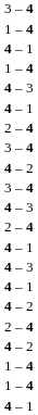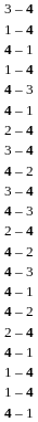 <table style="text-align:center">
 <tr>
 <th width=223></th>
 <th width=100></th>
 <th width=223></th>
 </tr>
 <tr>
 <td align=right></td>
 <td>3 – <strong>4</strong></td>
 <td align=left></td>
 </tr>
 <tr>
 <td align=right></td>
 <td>1 – <strong>4</strong></td>
 <td align=left></td>
 </tr>
 <tr>
 <td align=right></td>
 <td><strong>4</strong> – 1</td>
 <td align=left></td>
 </tr>
 <tr>
 <td align=right></td>
 <td>1 – <strong>4</strong></td>
 <td align=left></td>
 </tr>
 <tr>
 <td align=right></td>
 <td><strong>4</strong> – 3</td>
 <td align=left></td>
 </tr>
 <tr>
 <td align=right></td>
 <td><strong>4</strong> – 1</td>
 <td align=left></td>
 </tr>
 <tr>
 <td align=right></td>
 <td>2 – <strong>4</strong></td>
 <td align=left></td>
 </tr>
 <tr>
 <td align=right></td>
 <td>3 – <strong>4</strong></td>
 <td align=left></td>
 </tr>
 <tr>
 <td align=right></td>
 <td><strong>4</strong> – 2</td>
 <td align=left></td>
 </tr>
 <tr>
 <td align=right></td>
 <td>3 – <strong>4</strong></td>
 <td align=left></td>
 </tr>
 <tr>
 <td align=right></td>
 <td><strong>4</strong> – 3</td>
 <td align=left></td>
 </tr>
 <tr>
 <td align=right></td>
 <td>2 – <strong>4</strong></td>
 <td align=left></td>
 </tr>
 <tr>
 <td align=right></td>
-<td><strong>4</strong> – 1</td>
+<td><strong>4</strong> – 2</td>
 <td align=left></td>
 </tr>
 <tr>
 <td align=right></td>
 <td><strong>4</strong> – 3</td>
 <td align=left></td>
 </tr>
 <tr>
 <td align=right></td>
 <td><strong>4</strong> – 1</td>
 <td align=left></td>
 </tr>
 <tr>
 <td align=right></td>
 <td><strong>4</strong> – 2</td>
 <td align=left></td>
 </tr>
 <tr>
 <td align=right></td>
 <td>2 – <strong>4</strong></td>
 <td align=left></td>
 </tr>
 <tr>
 <td align=right></td>
-<td><strong>4</strong> – 2</td>
+<td><strong>4</strong> – 1</td>
 <td align=left></td>
 </tr>
 <tr>
 <td align=right></td>
 <td>1 – <strong>4</strong></td>
 <td align=left></td>
 </tr>
 <tr>
 <td align=right></td>
 <td>1 – <strong>4</strong></td>
 <td align=left></td>
 </tr>
 <tr>
 <td align=right></td>
 <td><strong>4</strong> – 1</td>
 <td align=left></td>
 </tr>
 </table>
